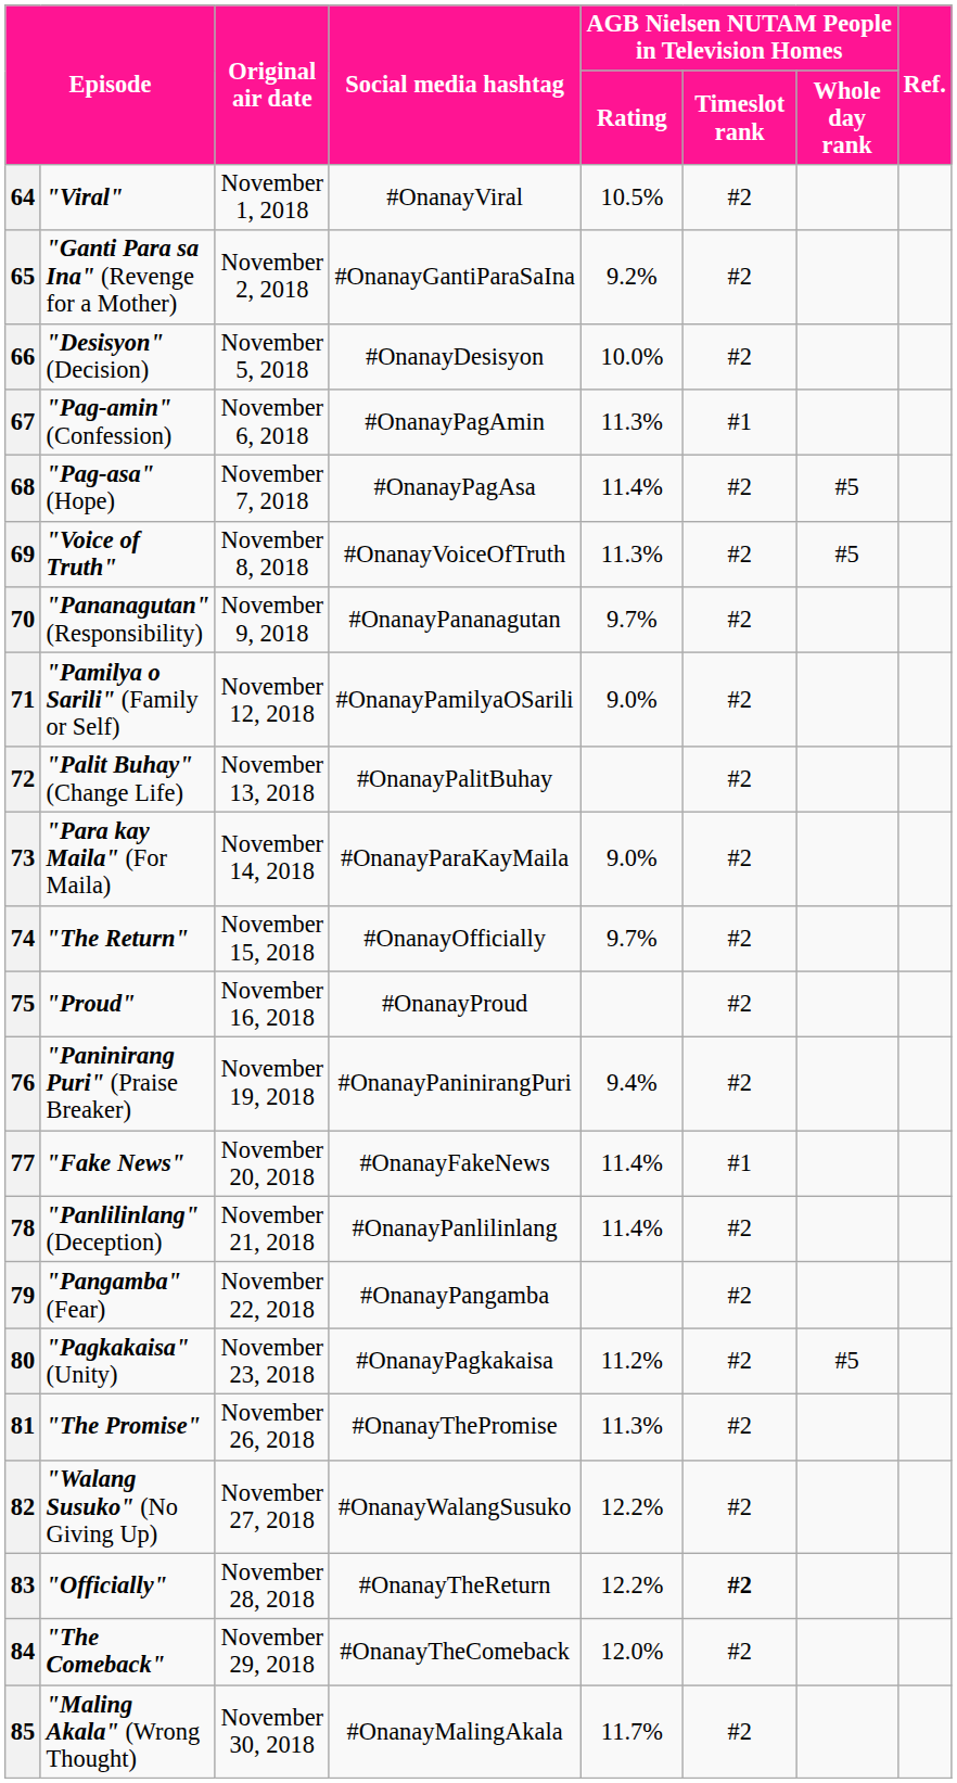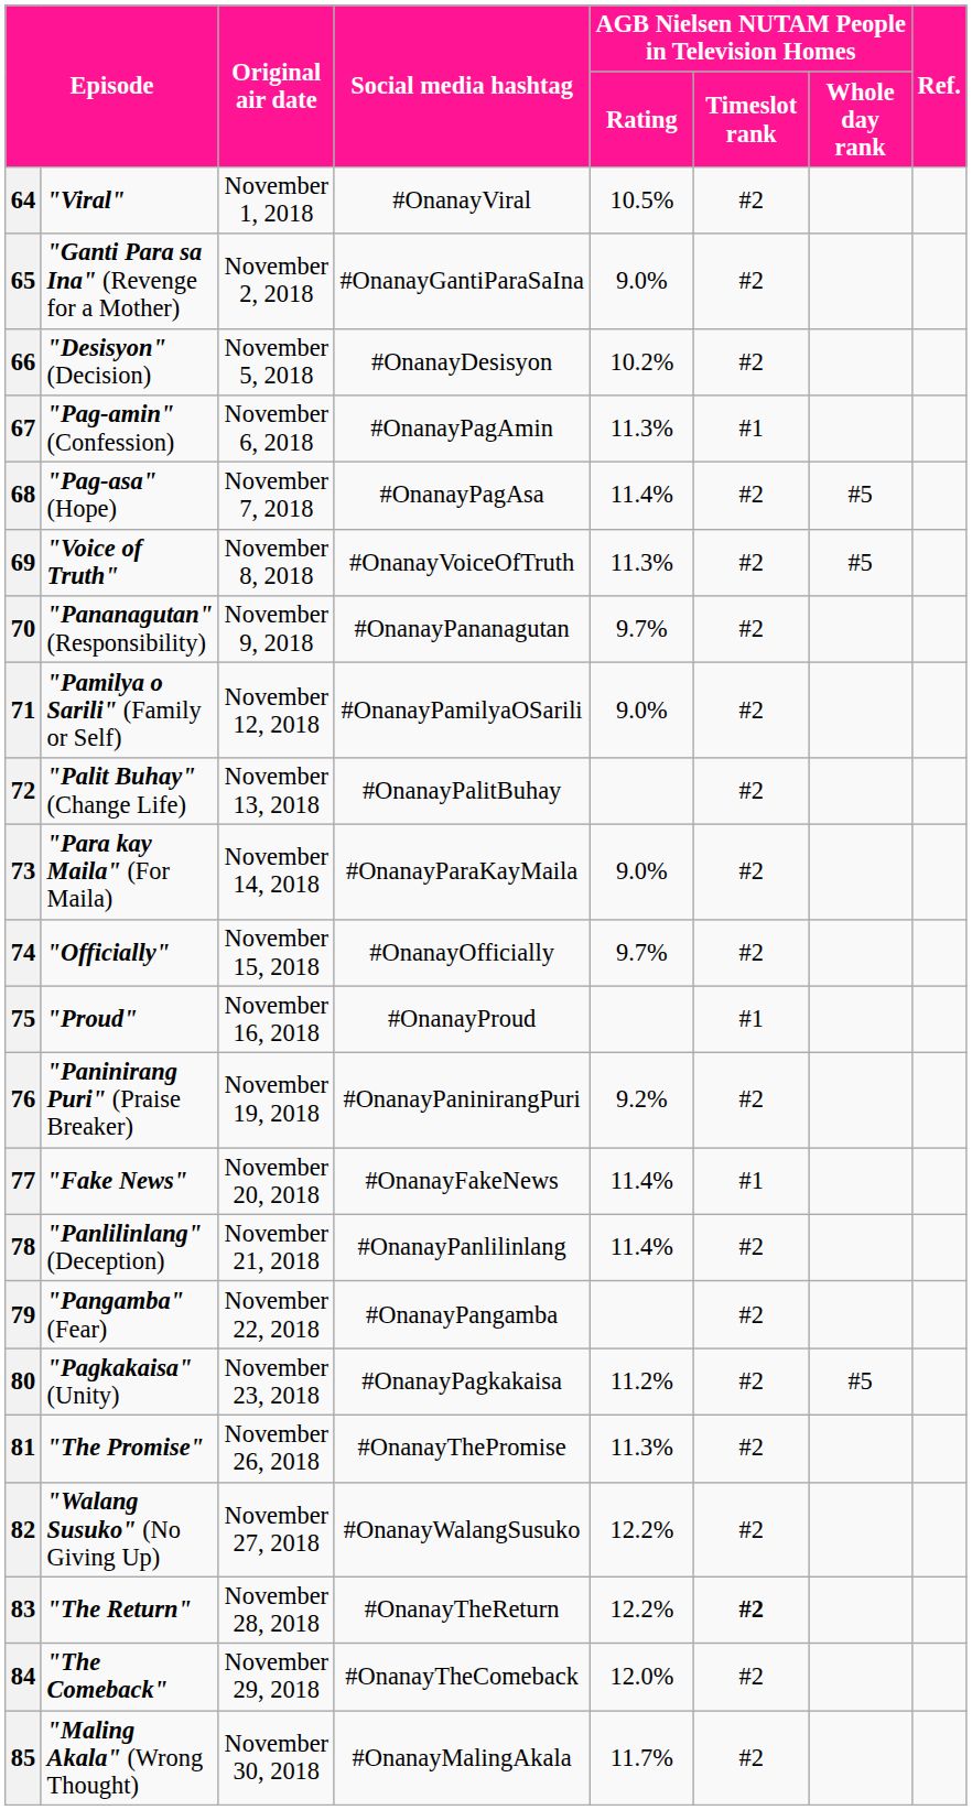 <table class="wikitable" style="text-align:center; font-size:100%; line-height:18px;" width="100%">
 <tr>
 <th style="background-color:#FF1493; color:#ffffff;" colspan="2" rowspan="2">Episode</th>
 <th style="background-color:#FF1493; color:white" rowspan="2">Original air date</th>
 <th style="background-color:#FF1493; color:white" rowspan="2">Social media hashtag</th>
 <th style="background-color:#FF1493; color:#ffffff;" colspan="3">AGB Nielsen NUTAM People in Television Homes</th>
 <th style="background-color:#FF1493;  color:#ffffff;" rowspan="2">Ref.</th>
 </tr>
 <tr>
 <th style="background-color:#FF1493; width:75px; color:#ffffff;">Rating</th>
 <th style="background-color:#FF1493;  width:75px; color:#ffffff;">Timeslot<br>rank</th>
 <th style="background-color:#FF1493; width:75px; color:#ffffff;">Whole day<br>rank</th>
 </tr>
 <tr>
 <th>64</th>
 <td style="text-align: left;"><strong><em>"Viral"</em></strong></td>
 <td>November 1, 2018</td>
 <td>#OnanayViral</td>
 <td>10.5%</td>
 <td>#2</td>
 <td></td>
 <td></td>
 </tr>
 <tr>
 <th>65</th>
 <td style="text-align: left;"><strong><em>"Ganti Para sa Ina"</em></strong> (Revenge for a Mother)</td>
 <td>November 2, 2018</td>
 <td>#OnanayGantiParaSaIna</td>
-<td>9.2%</td>
+<td>9.0%</td>
 <td>#2</td>
 <td></td>
 <td></td>
 </tr>
 <tr>
 <th>66</th>
 <td style="text-align: left;"><strong><em>"Desisyon"</em></strong> (Decision)</td>
 <td>November 5, 2018</td>
 <td>#OnanayDesisyon</td>
-<td>10.0%</td>
+<td>10.2%</td>
 <td>#2</td>
 <td></td>
 <td></td>
 </tr>
 <tr>
 <th>67</th>
 <td style="text-align: left;"><strong><em>"Pag-amin"</em></strong> (Confession)</td>
 <td>November 6, 2018</td>
 <td>#OnanayPagAmin</td>
 <td>11.3%</td>
 <td>#1</td>
 <td></td>
 <td></td>
 </tr>
 <tr>
 <th>68</th>
 <td style="text-align: left;"><strong><em>"Pag-asa"</em></strong> (Hope)</td>
 <td>November 7, 2018</td>
 <td>#OnanayPagAsa</td>
 <td>11.4%</td>
 <td>#2</td>
 <td>#5</td>
 <td></td>
 </tr>
 <tr>
 <th>69</th>
 <td style="text-align: left;"><strong><em>"Voice of Truth"</em></strong></td>
 <td>November 8, 2018</td>
 <td>#OnanayVoiceOfTruth</td>
 <td>11.3%</td>
 <td>#2</td>
 <td>#5</td>
 <td></td>
 </tr>
 <tr>
 <th>70</th>
 <td style="text-align: left;"><strong><em>"Pananagutan"</em></strong> (Responsibility)</td>
 <td>November 9, 2018</td>
 <td>#OnanayPananagutan</td>
 <td>9.7%</td>
 <td>#2</td>
 <td></td>
 <td></td>
 </tr>
 <tr>
 <th>71</th>
 <td style="text-align: left;"><strong><em>"Pamilya o Sarili"</em></strong> (Family or Self)</td>
 <td>November 12, 2018</td>
 <td>#OnanayPamilyaOSarili</td>
 <td>9.0%</td>
 <td>#2</td>
 <td></td>
 <td></td>
 </tr>
 <tr>
 <th>72</th>
 <td style="text-align: left;"><strong><em>"Palit Buhay"</em></strong> (Change Life)</td>
 <td>November 13, 2018</td>
 <td>#OnanayPalitBuhay</td>
 <td></td>
 <td>#2</td>
 <td></td>
 <td></td>
 </tr>
 <tr>
 <th>73</th>
 <td style="text-align: left;"><strong><em>"Para kay Maila"</em></strong> (For Maila)</td>
 <td>November 14, 2018</td>
 <td>#OnanayParaKayMaila</td>
 <td>9.0%</td>
 <td>#2</td>
 <td></td>
 <td></td>
 </tr>
 <tr>
 <th>74</th>
-<td style="text-align: left;"><strong><em>"The Return"</em></strong></td>
+<td style="text-align: left;"><strong><em>"Officially"</em></strong></td>
 <td>November 15, 2018</td>
 <td>#OnanayOfficially</td>
 <td>9.7%</td>
 <td>#2</td>
 <td></td>
 <td></td>
 </tr>
 <tr>
 <th>75</th>
 <td style="text-align: left;"><strong><em>"Proud"</em></strong></td>
 <td>November 16, 2018</td>
 <td>#OnanayProud</td>
 <td></td>
-<td>#2</td>
+<td>#1</td>
 <td></td>
 <td></td>
 </tr>
 <tr>
 <th>76</th>
 <td style="text-align: left;"><strong><em>"Paninirang Puri"</em></strong> (Praise Breaker)</td>
 <td>November 19, 2018</td>
 <td>#OnanayPaninirangPuri</td>
-<td>9.4%</td>
+<td>9.2%</td>
 <td>#2</td>
 <td></td>
 <td></td>
 </tr>
 <tr>
 <th>77</th>
 <td style="text-align: left;"><strong><em>"Fake News"</em></strong></td>
 <td>November 20, 2018</td>
 <td>#OnanayFakeNews</td>
 <td>11.4%</td>
 <td>#1</td>
 <td></td>
 <td></td>
 </tr>
 <tr>
 <th>78</th>
 <td style="text-align: left;"><strong><em>"Panlilinlang"</em></strong> (Deception)</td>
 <td>November 21, 2018</td>
 <td>#OnanayPanlilinlang</td>
 <td>11.4%</td>
 <td>#2</td>
 <td></td>
 <td></td>
 </tr>
 <tr>
 <th>79</th>
 <td style="text-align: left;"><strong><em>"Pangamba"</em></strong> (Fear)</td>
 <td>November 22, 2018</td>
 <td>#OnanayPangamba</td>
 <td></td>
 <td>#2</td>
 <td></td>
 <td></td>
 </tr>
 <tr>
 <th>80</th>
 <td style="text-align: left;"><strong><em>"Pagkakaisa"</em></strong> (Unity)</td>
 <td>November 23, 2018</td>
 <td>#OnanayPagkakaisa</td>
 <td>11.2%</td>
 <td>#2</td>
 <td>#5</td>
 <td></td>
 </tr>
 <tr>
 <th>81</th>
 <td style="text-align: left;"><strong><em>"The Promise"</em></strong></td>
 <td>November 26, 2018</td>
 <td>#OnanayThePromise</td>
 <td>11.3%</td>
 <td>#2</td>
 <td></td>
 <td></td>
 </tr>
 <tr>
 <th>82</th>
 <td style="text-align: left;"><strong><em>"Walang Susuko"</em></strong> (No Giving Up)</td>
 <td>November 27, 2018</td>
 <td>#OnanayWalangSusuko</td>
 <td>12.2%</td>
 <td>#2</td>
 <td></td>
 <td></td>
 </tr>
 <tr>
 <th>83</th>
-<td style="text-align: left;"><strong><em>"Officially"</em></strong></td>
+<td style="text-align: left;"><strong><em>"The Return"</em></strong></td>
 <td>November 28, 2018</td>
 <td>#OnanayTheReturn</td>
 <td>12.2%</td>
 <td><strong>#2</strong></td>
 <td></td>
 <td></td>
 </tr>
 <tr>
 <th>84</th>
 <td style="text-align: left;"><strong><em>"The Comeback"</em></strong></td>
 <td>November 29, 2018</td>
 <td>#OnanayTheComeback</td>
 <td>12.0%</td>
 <td>#2</td>
 <td></td>
 <td></td>
 </tr>
 <tr>
 <th>85</th>
 <td style="text-align: left;"><strong><em>"Maling Akala"</em></strong> (Wrong Thought)</td>
 <td>November 30, 2018</td>
 <td>#OnanayMalingAkala</td>
 <td>11.7%</td>
 <td>#2</td>
 <td></td>
 <td></td>
 </tr>
 </table>
